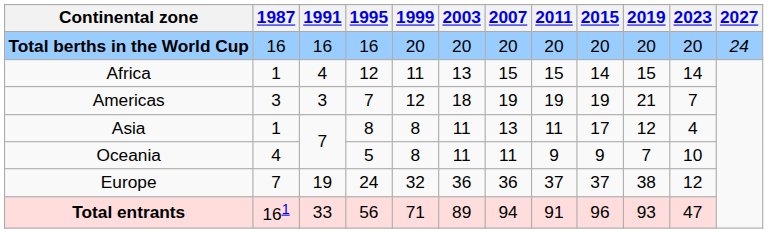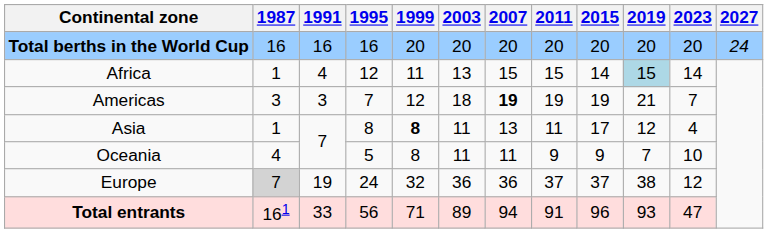 <table class="wikitable">
 <tr style="background:#ccc; text-align:center;">
 <th>Continental zone</th>
 <th><a href='#'>1987</a><br> </th>
 <th><a href='#'>1991</a><br>  </th>
 <th><a href='#'>1995</a><br></th>
 <th><a href='#'>1999</a><br></th>
 <th><a href='#'>2003</a><br></th>
 <th><a href='#'>2007</a><br></th>
 <th><a href='#'>2011</a><br></th>
 <th><a href='#'>2015</a><br></th>
 <th><a href='#'>2019</a><br></th>
 <th><a href='#'>2023</a><br></th>
 <th><a href='#'>2027</a><br></th>
 </tr>
 <tr style="background:#9acdff; text-align:center;">
 <td><strong>Total berths in the World Cup</strong></td>
 <td>16</td>
 <td>16</td>
 <td>16</td>
 <td>20</td>
 <td>20</td>
 <td>20</td>
 <td>20</td>
 <td>20</td>
 <td>20</td>
 <td>20</td>
 <td><em>24</em></td>
 </tr>
 <tr style="text-align:center;">
 <td>Africa</td>
 <td>1</td>
 <td>4</td>
 <td>12</td>
 <td>11</td>
 <td>13</td>
 <td>15</td>
 <td>15</td>
 <td>14</td>
-<td>15</td>
+<td style="background: lightblue;">15</td>
 <td>14</td>
 </tr>
 <tr style="text-align:center;">
 <td>Americas</td>
 <td>3</td>
 <td>3</td>
 <td>7</td>
 <td>12</td>
 <td>18</td>
-<td>19</td>
+<td><strong>19</strong></td>
 <td>19</td>
 <td>19</td>
 <td>21</td>
 <td>7</td>
 </tr>
 <tr style="text-align:center;">
 <td>Asia</td>
 <td>1</td>
 <td rowspan="2">7</td>
 <td>8</td>
-<td>8</td>
+<td><strong>8</strong></td>
 <td>11</td>
 <td>13</td>
 <td>11</td>
 <td>17</td>
 <td>12</td>
 <td>4</td>
 </tr>
 <tr style="text-align:center;">
 <td>Oceania</td>
 <td>4</td>
 <td>5</td>
 <td>8</td>
 <td>11</td>
 <td>11</td>
 <td>9</td>
 <td>9</td>
 <td>7</td>
 <td>10</td>
 </tr>
 <tr style="text-align:center;">
 <td>Europe</td>
-<td>7</td>
+<td style="background: lightgrey;">7</td>
 <td>19</td>
 <td>24</td>
 <td>32</td>
 <td>36</td>
 <td>36</td>
 <td>37</td>
 <td>37</td>
 <td>38</td>
 <td>12</td>
 </tr>
 <tr style="background:#fdd; text-align:center;">
 <td><strong>Total entrants</strong></td>
 <td>16<sup><a href='#'>1</a></sup><br></td>
 <td>33</td>
 <td>56</td>
 <td>71</td>
 <td>89</td>
 <td>94</td>
 <td>91</td>
 <td>96</td>
 <td>93</td>
 <td>47</td>
 </tr>
 </table>
